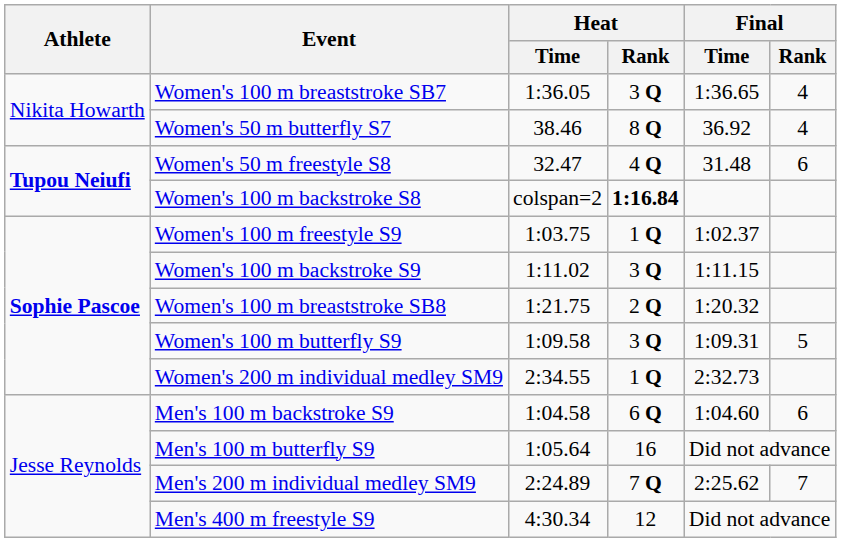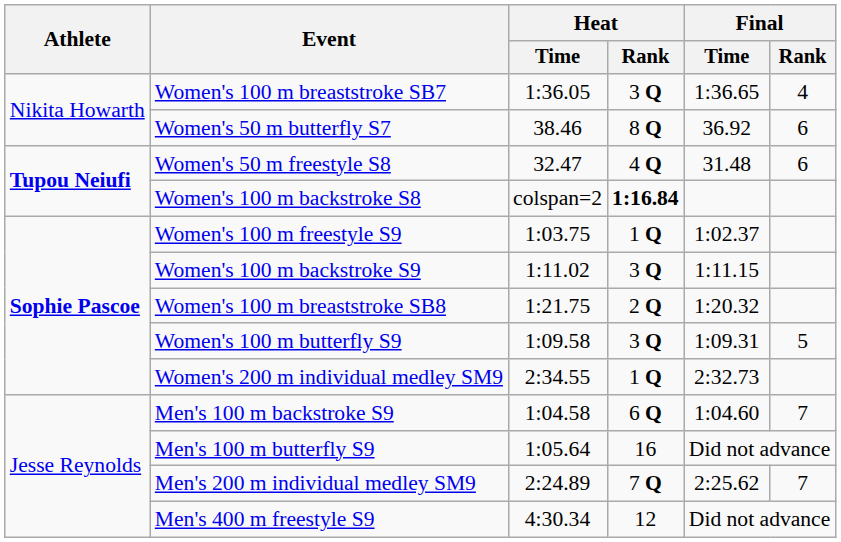 <table class=wikitable style="font-size:90%">
 <tr>
 <th rowspan="2">Athlete</th>
 <th rowspan="2">Event</th>
 <th colspan="2">Heat</th>
 <th colspan="2">Final</th>
 </tr>
 <tr style="font-size:95%">
 <th>Time</th>
 <th>Rank</th>
 <th>Time</th>
 <th>Rank</th>
 </tr>
 <tr align="center">
 <td rowspan="2"><a href='#'>Nikita Howarth</a></td>
 <td align="left"><a href='#'>Women's 100 m breaststroke SB7</a></td>
 <td>1:36.05</td>
 <td>3 <strong>Q</strong></td>
 <td>1:36.65</td>
 <td>4</td>
 </tr>
 <tr align=center>
 <td align=left><a href='#'>Women's 50 m butterfly S7</a></td>
 <td>38.46</td>
 <td>8 <strong>Q</strong></td>
 <td>36.92</td>
-<td>4</td>
+<td>6</td>
 </tr>
 <tr align="center">
 <td rowspan="2" align="left"><strong><a href='#'>Tupou Neiufi</a></strong></td>
 <td align="left"><a href='#'>Women's 50 m freestyle S8</a></td>
 <td>32.47</td>
 <td>4 <strong>Q</strong></td>
 <td>31.48</td>
 <td>6</td>
 </tr>
 <tr align=center>
 <td align=left><a href='#'>Women's 100 m backstroke S8</a></td>
 <td>colspan=2 </td>
 <td><strong>1:16.84</strong></td>
 <td></td>
 </tr>
 <tr align=center>
 <td align=left rowspan=5><strong><a href='#'>Sophie Pascoe</a></strong></td>
 <td align=left><a href='#'>Women's 100 m freestyle S9</a></td>
 <td>1:03.75</td>
 <td>1 <strong>Q</strong></td>
 <td>1:02.37</td>
 <td></td>
 </tr>
 <tr align=center>
 <td align=left><a href='#'>Women's 100 m backstroke S9</a></td>
 <td>1:11.02</td>
 <td>3 <strong>Q</strong></td>
 <td>1:11.15</td>
 <td></td>
 </tr>
 <tr align=center>
 <td align=left><a href='#'>Women's 100 m breaststroke SB8</a></td>
 <td>1:21.75</td>
 <td>2 <strong>Q</strong></td>
 <td>1:20.32</td>
 <td></td>
 </tr>
 <tr align=center>
 <td align=left><a href='#'>Women's 100 m butterfly S9</a></td>
 <td>1:09.58</td>
 <td>3 <strong>Q</strong></td>
 <td>1:09.31</td>
 <td>5</td>
 </tr>
 <tr align=center>
 <td align=left><a href='#'>Women's 200 m individual medley SM9</a></td>
 <td>2:34.55</td>
 <td>1 <strong>Q</strong></td>
 <td>2:32.73</td>
 <td></td>
 </tr>
 <tr align=center>
 <td align=left rowspan=4><a href='#'>Jesse Reynolds</a></td>
 <td align=left><a href='#'>Men's 100 m backstroke S9</a></td>
 <td>1:04.58</td>
 <td>6 <strong>Q</strong></td>
 <td>1:04.60</td>
-<td>6</td>
+<td>7</td>
 </tr>
 <tr align=center>
 <td align=left><a href='#'>Men's 100 m butterfly S9</a></td>
 <td>1:05.64</td>
 <td>16</td>
 <td colspan="2">Did not advance</td>
 </tr>
 <tr align=center>
 <td align=left><a href='#'>Men's 200 m individual medley SM9</a></td>
 <td>2:24.89</td>
 <td>7 <strong>Q</strong></td>
 <td>2:25.62</td>
 <td>7</td>
 </tr>
 <tr align=center>
 <td align=left><a href='#'>Men's 400 m freestyle S9</a></td>
 <td>4:30.34</td>
 <td>12</td>
 <td colspan="2">Did not advance</td>
 </tr>
 </table>
